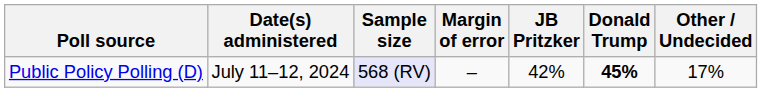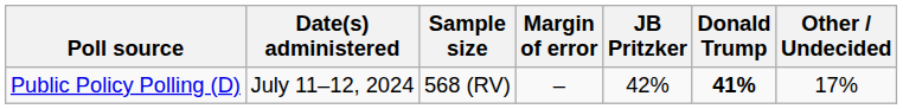 <table class="wikitable sortable mw-datatable" style="font-size:90%;text-align:center;line-height:17px">
 <tr style="vertical-align:bottom">
 <th>Poll source</th>
 <th>Date(s)<br>administered</th>
 <th>Sample<br>size</th>
 <th>Margin<br>of error</th>
 <th class="unsortable">JB<br>Pritzker<br></th>
 <th class="unsortable">Donald<br>Trump<br></th>
 <th class="unsortable">Other /<br>Undecided</th>
 </tr>
 <tr>
 <td style="text-align:left;"><a href='#'>Public Policy Polling (D)</a></td>
 <td data-sort-value="2024-07-22">July 11–12, 2024</td>
-<td style="background: lavender;">568 (RV)</td>
+<td>568 (RV)</td>
 <td>–</td>
 <td>42%</td>
-<td style="background-color:"><strong>45%</strong></td>
+<td style="background-color:"><strong>41%</strong></td>
 <td>17%</td>
 </tr>
 </table>
